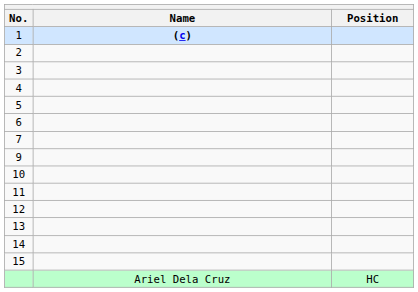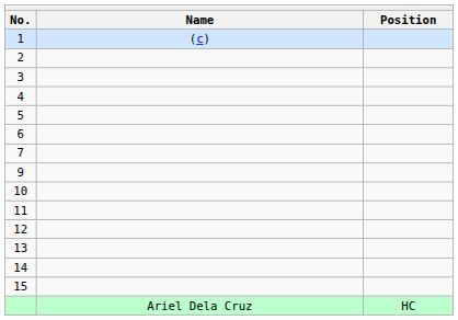 <table class="wikitable mw-collapsible mw-collapsed" style="text-align:center; width:500px; border:none">
 <tr>
 <th style="text-align:left" colspan="3"></th>
 </tr>
 <tr>
 <th style="width:7%">No.</th>
 <th>Name</th>
 <th style="width:20%">Position</th>
 </tr>
 <tr bgcolor=#DOE6FF>
 <td>1</td>
-<td><strong>(<a href='#'>c</a>)</strong></td>
+<td>(<a href='#'>c</a>)</td>
 <td></td>
 </tr>
 <tr>
 <td>2</td>
 <td></td>
 <td></td>
 </tr>
 <tr>
 <td>3</td>
 <td></td>
 <td></td>
 </tr>
 <tr>
 <td>4</td>
 <td></td>
 <td></td>
 </tr>
 <tr>
 <td>5</td>
 <td></td>
 <td></td>
 </tr>
 <tr>
 <td>6</td>
 <td></td>
 <td></td>
 </tr>
 <tr>
 <td>7</td>
 <td></td>
 <td></td>
 </tr>
 <tr>
 <td>9</td>
 <td></td>
 <td></td>
 </tr>
 <tr>
 <td>10</td>
 <td></td>
 <td></td>
 </tr>
 <tr>
 <td>11</td>
 <td></td>
 <td></td>
 </tr>
 <tr>
 <td>12</td>
 <td></td>
 <td></td>
 </tr>
 <tr>
 <td>13</td>
 <td></td>
 <td></td>
 </tr>
 <tr>
 <td>14</td>
 <td></td>
 <td></td>
 </tr>
 <tr>
 <td>15</td>
 <td></td>
 <td></td>
 </tr>
 <tr bgcolor=#BBFFCC>
 <td></td>
 <td>Ariel Dela Cruz</td>
 <td>HC</td>
 </tr>
 </table>
